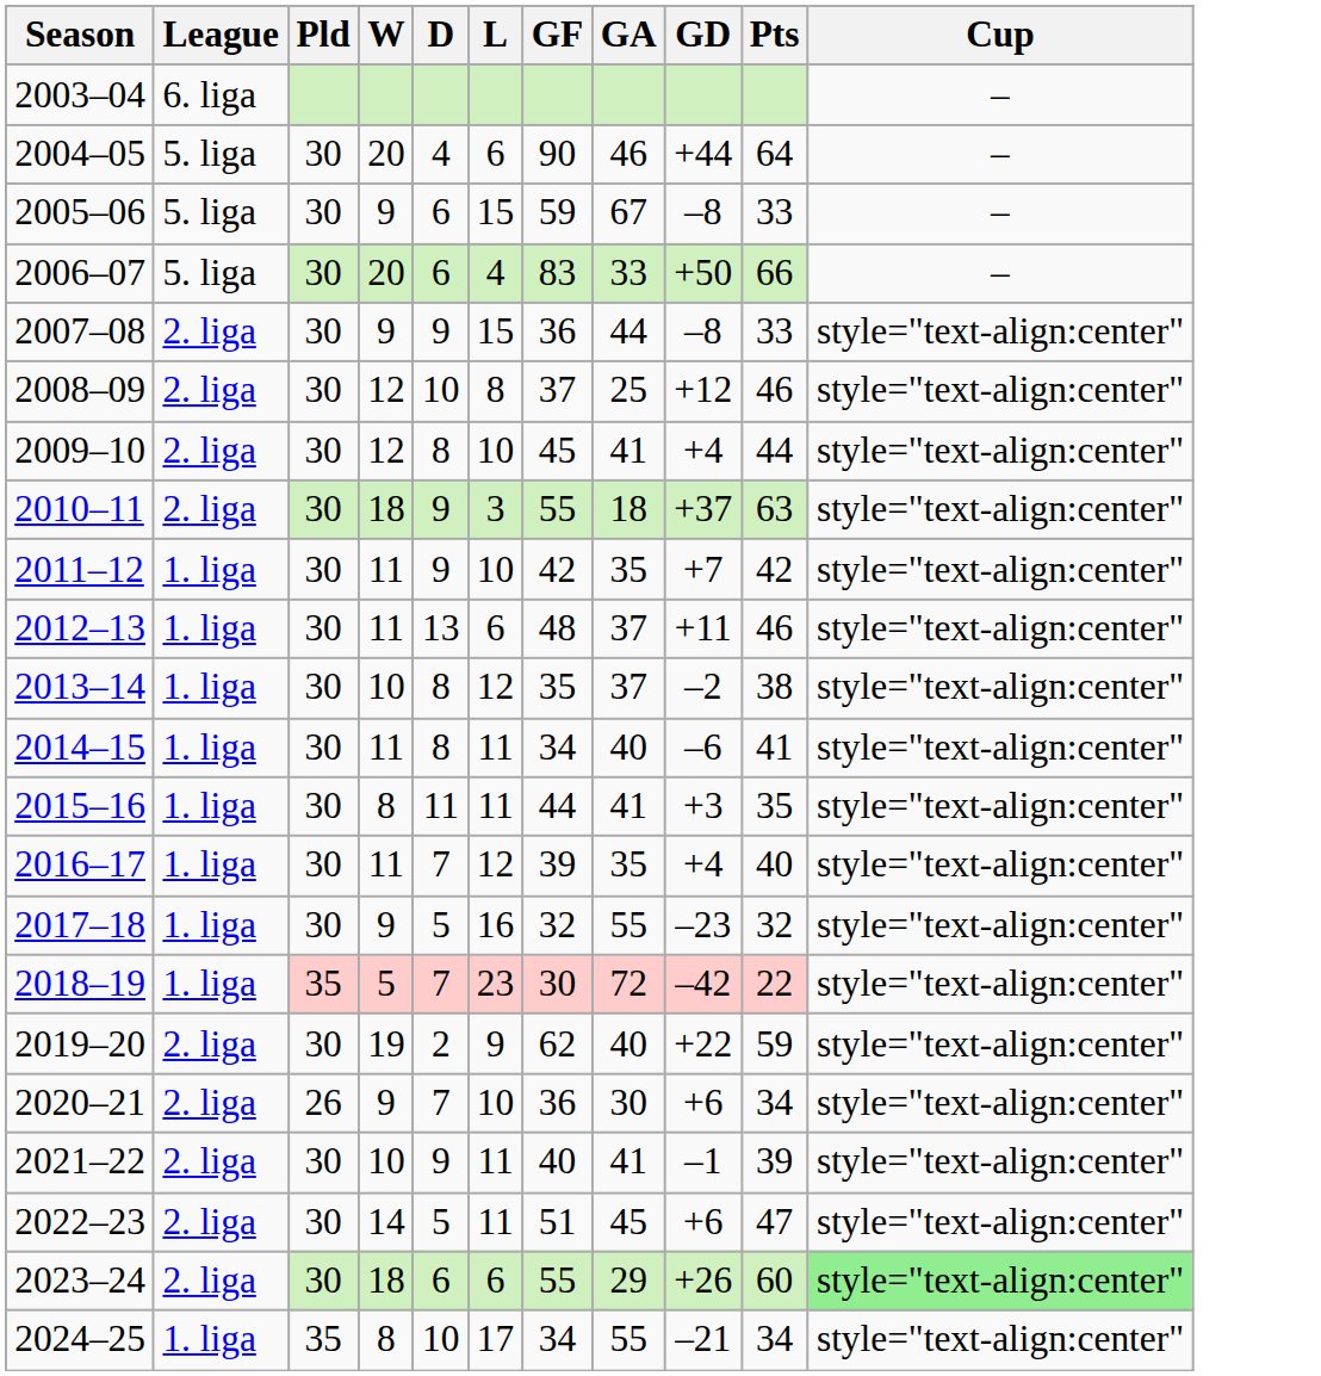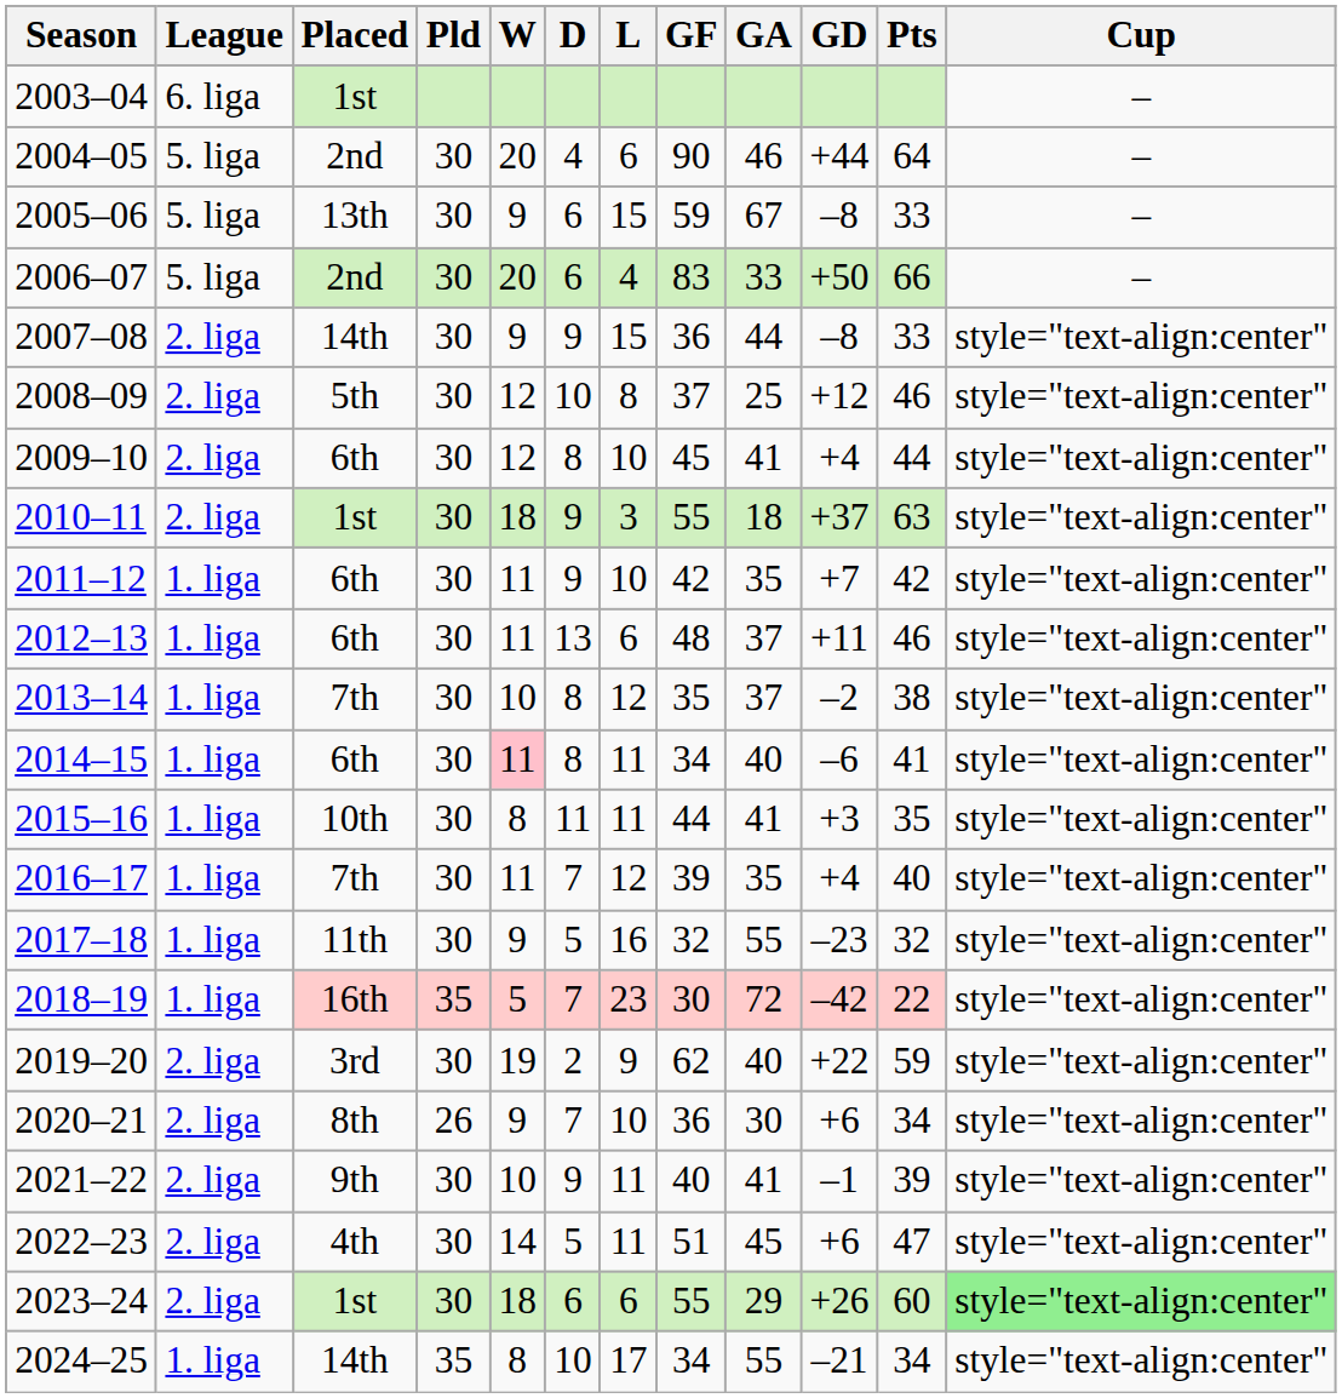 <table class="wikitable sortable">
 <tr>
 <th>Season</th>
 <th>League</th>
+<th>Placed</th>
 <th>Pld</th>
 <th>W</th>
 <th>D</th>
 <th>L</th>
 <th>GF</th>
 <th>GA</th>
 <th>GD</th>
 <th>Pts</th>
 <th>Cup</th>
 </tr>
 <tr>
 <td>2003–04</td>
 <td>6. liga</td>
+<td style="background: #D0F0C0; text-align:center">1st</td>
 <td style="background: #D0F0C0; text-align:center"></td>
 <td style="background: #D0F0C0; text-align:center"></td>
 <td style="background: #D0F0C0; text-align:center"></td>
 <td style="background: #D0F0C0; text-align:center"></td>
 <td style="background: #D0F0C0; text-align:center"></td>
 <td style="background: #D0F0C0; text-align:center"></td>
 <td style="background: #D0F0C0; text-align:center"></td>
 <td style="background: #D0F0C0; text-align:center"></td>
 <td style="text-align:center">–</td>
 </tr>
 <tr>
 <td>2004–05</td>
 <td>5. liga</td>
+<td style="text-align:center">2nd</td>
 <td style="text-align:center">30</td>
 <td style="text-align:center">20</td>
 <td style="text-align:center">4</td>
 <td style="text-align:center">6</td>
 <td style="text-align:center">90</td>
 <td style="text-align:center">46</td>
 <td style="text-align:center">+44</td>
 <td style="text-align:center">64</td>
 <td style="text-align:center">–</td>
 </tr>
 <tr>
 <td>2005–06</td>
 <td>5. liga</td>
+<td style="text-align:center">13th</td>
 <td style="text-align:center">30</td>
 <td style="text-align:center">9</td>
 <td style="text-align:center">6</td>
 <td style="text-align:center">15</td>
 <td style="text-align:center">59</td>
 <td style="text-align:center">67</td>
 <td style="text-align:center">–8</td>
 <td style="text-align:center">33</td>
 <td style="text-align:center">–</td>
 </tr>
 <tr>
 <td>2006–07</td>
 <td>5. liga</td>
+<td style="background: #D0F0C0; text-align:center">2nd</td>
 <td style="background: #D0F0C0; text-align:center">30</td>
 <td style="background: #D0F0C0; text-align:center">20</td>
 <td style="background: #D0F0C0; text-align:center">6</td>
 <td style="background: #D0F0C0; text-align:center">4</td>
 <td style="background: #D0F0C0; text-align:center">83</td>
 <td style="background: #D0F0C0; text-align:center">33</td>
 <td style="background: #D0F0C0; text-align:center">+50</td>
 <td style="background: #D0F0C0; text-align:center">66</td>
 <td style="text-align:center">–</td>
 </tr>
 <tr>
 <td>2007–08</td>
 <td><a href='#'>2. liga</a></td>
+<td style="text-align:center">14th</td>
 <td style="text-align:center">30</td>
 <td style="text-align:center">9</td>
 <td style="text-align:center">9</td>
 <td style="text-align:center">15</td>
 <td style="text-align:center">36</td>
 <td style="text-align:center">44</td>
 <td style="text-align:center">–8</td>
 <td style="text-align:center">33</td>
 <td>style="text-align:center" </td>
 </tr>
 <tr>
 <td>2008–09</td>
 <td><a href='#'>2. liga</a></td>
+<td style="text-align:center">5th</td>
 <td style="text-align:center">30</td>
 <td style="text-align:center">12</td>
 <td style="text-align:center">10</td>
 <td style="text-align:center">8</td>
 <td style="text-align:center">37</td>
 <td style="text-align:center">25</td>
 <td style="text-align:center">+12</td>
 <td style="text-align:center">46</td>
 <td>style="text-align:center" </td>
 </tr>
 <tr>
 <td>2009–10</td>
 <td><a href='#'>2. liga</a></td>
+<td style="text-align:center">6th</td>
 <td style="text-align:center">30</td>
 <td style="text-align:center">12</td>
 <td style="text-align:center">8</td>
 <td style="text-align:center">10</td>
 <td style="text-align:center">45</td>
 <td style="text-align:center">41</td>
 <td style="text-align:center">+4</td>
 <td style="text-align:center">44</td>
 <td>style="text-align:center" </td>
 </tr>
 <tr>
 <td><a href='#'>2010–11</a></td>
 <td><a href='#'>2. liga</a></td>
+<td style="background: #D0F0C0; text-align:center">1st</td>
 <td style="background: #D0F0C0; text-align:center">30</td>
 <td style="background: #D0F0C0; text-align:center">18</td>
 <td style="background: #D0F0C0; text-align:center">9</td>
 <td style="background: #D0F0C0; text-align:center">3</td>
 <td style="background: #D0F0C0; text-align:center">55</td>
 <td style="background: #D0F0C0; text-align:center">18</td>
 <td style="background: #D0F0C0; text-align:center">+37</td>
 <td style="background: #D0F0C0; text-align:center">63</td>
 <td>style="text-align:center" </td>
 </tr>
 <tr>
 <td><a href='#'>2011–12</a></td>
 <td><a href='#'>1. liga</a></td>
+<td style="text-align:center">6th</td>
 <td style="text-align:center">30</td>
 <td style="text-align:center">11</td>
 <td style="text-align:center">9</td>
 <td style="text-align:center">10</td>
 <td style="text-align:center">42</td>
 <td style="text-align:center">35</td>
 <td style="text-align:center">+7</td>
 <td style="text-align:center">42</td>
 <td>style="text-align:center" </td>
 </tr>
 <tr>
 <td><a href='#'>2012–13</a></td>
 <td><a href='#'>1. liga</a></td>
+<td style="text-align:center">6th</td>
 <td style="text-align:center">30</td>
 <td style="text-align:center">11</td>
 <td style="text-align:center">13</td>
 <td style="text-align:center">6</td>
 <td style="text-align:center">48</td>
 <td style="text-align:center">37</td>
 <td style="text-align:center">+11</td>
 <td style="text-align:center">46</td>
 <td>style="text-align:center" </td>
 </tr>
 <tr>
 <td><a href='#'>2013–14</a></td>
 <td><a href='#'>1. liga</a></td>
+<td style="text-align:center">7th</td>
 <td style="text-align:center">30</td>
 <td style="text-align:center">10</td>
 <td style="text-align:center">8</td>
 <td style="text-align:center">12</td>
 <td style="text-align:center">35</td>
 <td style="text-align:center">37</td>
 <td style="text-align:center">–2</td>
 <td style="text-align:center">38</td>
 <td>style="text-align:center" </td>
 </tr>
 <tr>
 <td><a href='#'>2014–15</a></td>
 <td><a href='#'>1. liga</a></td>
+<td style="text-align:center">6th</td>
 <td style="text-align:center">30</td>
-<td style="text-align:center">11</td>
+<td style="background: pink; text-align:center">11</td>
 <td style="text-align:center">8</td>
 <td style="text-align:center">11</td>
 <td style="text-align:center">34</td>
 <td style="text-align:center">40</td>
 <td style="text-align:center">–6</td>
 <td style="text-align:center">41</td>
 <td>style="text-align:center" </td>
 </tr>
 <tr>
 <td><a href='#'>2015–16</a></td>
 <td><a href='#'>1. liga</a></td>
+<td style="text-align:center">10th</td>
 <td style="text-align:center">30</td>
 <td style="text-align:center">8</td>
 <td style="text-align:center">11</td>
 <td style="text-align:center">11</td>
 <td style="text-align:center">44</td>
 <td style="text-align:center">41</td>
 <td style="text-align:center">+3</td>
 <td style="text-align:center">35</td>
 <td>style="text-align:center" </td>
 </tr>
 <tr>
 <td><a href='#'>2016–17</a></td>
 <td><a href='#'>1. liga</a></td>
+<td style="text-align:center">7th</td>
 <td style="text-align:center">30</td>
 <td style="text-align:center">11</td>
 <td style="text-align:center">7</td>
 <td style="text-align:center">12</td>
 <td style="text-align:center">39</td>
 <td style="text-align:center">35</td>
 <td style="text-align:center">+4</td>
 <td style="text-align:center">40</td>
 <td>style="text-align:center" </td>
 </tr>
 <tr>
 <td><a href='#'>2017–18</a></td>
 <td><a href='#'>1. liga</a></td>
+<td style="text-align:center">11th</td>
 <td style="text-align:center">30</td>
 <td style="text-align:center">9</td>
 <td style="text-align:center">5</td>
 <td style="text-align:center">16</td>
 <td style="text-align:center">32</td>
 <td style="text-align:center">55</td>
 <td style="text-align:center">–23</td>
 <td style="text-align:center">32</td>
 <td>style="text-align:center" </td>
 </tr>
 <tr>
 <td><a href='#'>2018–19</a></td>
 <td><a href='#'>1. liga</a></td>
+<td style="background: #FFCCCC; text-align:center">16th</td>
 <td style="background: #FFCCCC; text-align:center">35</td>
 <td style="background: #FFCCCC; text-align:center">5</td>
 <td style="background: #FFCCCC; text-align:center">7</td>
 <td style="background: #FFCCCC; text-align:center">23</td>
 <td style="background: #FFCCCC; text-align:center">30</td>
 <td style="background: #FFCCCC; text-align:center">72</td>
 <td style="background: #FFCCCC; text-align:center">–42</td>
 <td style="background: #FFCCCC; text-align:center">22</td>
 <td>style="text-align:center" </td>
 </tr>
 <tr>
 <td>2019–20</td>
 <td><a href='#'>2. liga</a></td>
+<td style="text-align:center">3rd</td>
 <td style="text-align:center">30</td>
 <td style="text-align:center">19</td>
 <td style="text-align:center">2</td>
 <td style="text-align:center">9</td>
 <td style="text-align:center">62</td>
 <td style="text-align:center">40</td>
 <td style="text-align:center">+22</td>
 <td style="text-align:center">59</td>
 <td>style="text-align:center" </td>
 </tr>
 <tr>
 <td>2020–21</td>
 <td><a href='#'>2. liga</a></td>
+<td style="text-align:center">8th</td>
 <td style="text-align:center">26</td>
 <td style="text-align:center">9</td>
 <td style="text-align:center">7</td>
 <td style="text-align:center">10</td>
 <td style="text-align:center">36</td>
 <td style="text-align:center">30</td>
 <td style="text-align:center">+6</td>
 <td style="text-align:center">34</td>
 <td>style="text-align:center" </td>
 </tr>
 <tr>
 <td>2021–22</td>
 <td><a href='#'>2. liga</a></td>
+<td style="text-align:center">9th</td>
 <td style="text-align:center">30</td>
 <td style="text-align:center">10</td>
 <td style="text-align:center">9</td>
 <td style="text-align:center">11</td>
 <td style="text-align:center">40</td>
 <td style="text-align:center">41</td>
 <td style="text-align:center">–1</td>
 <td style="text-align:center">39</td>
 <td>style="text-align:center" </td>
 </tr>
 <tr>
 <td>2022–23</td>
 <td><a href='#'>2. liga</a></td>
+<td style="text-align:center">4th</td>
 <td style="text-align:center">30</td>
 <td style="text-align:center">14</td>
 <td style="text-align:center">5</td>
 <td style="text-align:center">11</td>
 <td style="text-align:center">51</td>
 <td style="text-align:center">45</td>
 <td style="text-align:center">+6</td>
 <td style="text-align:center">47</td>
 <td>style="text-align:center" </td>
 </tr>
 <tr>
 <td>2023–24</td>
 <td><a href='#'>2. liga</a></td>
+<td style="background: #D0F0C0; text-align:center">1st</td>
 <td style="background: #D0F0C0; text-align:center">30</td>
 <td style="background: #D0F0C0; text-align:center">18</td>
 <td style="background: #D0F0C0; text-align:center">6</td>
 <td style="background: #D0F0C0; text-align:center">6</td>
 <td style="background: #D0F0C0; text-align:center">55</td>
 <td style="background: #D0F0C0; text-align:center">29</td>
 <td style="background: #D0F0C0; text-align:center">+26</td>
 <td style="background: #D0F0C0; text-align:center">60</td>
 <td style="background: lightgreen;">style="text-align:center" </td>
 </tr>
 <tr>
 <td>2024–25</td>
 <td><a href='#'>1. liga</a></td>
+<td style="text-align:center">14th</td>
 <td style="text-align:center">35</td>
 <td style="text-align:center">8</td>
 <td style="text-align:center">10</td>
 <td style="text-align:center">17</td>
 <td style="text-align:center">34</td>
 <td style="text-align:center">55</td>
 <td style="text-align:center">–21</td>
 <td style="text-align:center">34</td>
 <td>style="text-align:center" </td>
 </tr>
 </table>
